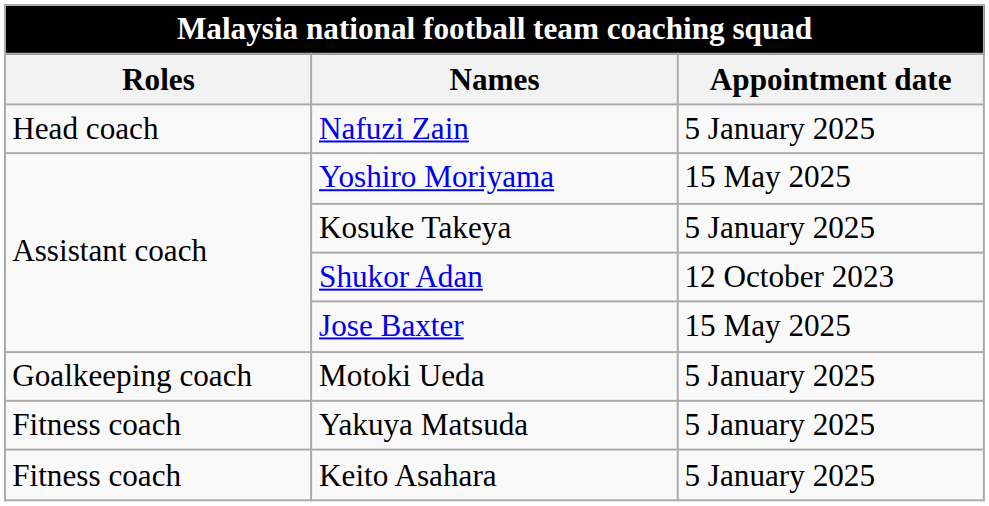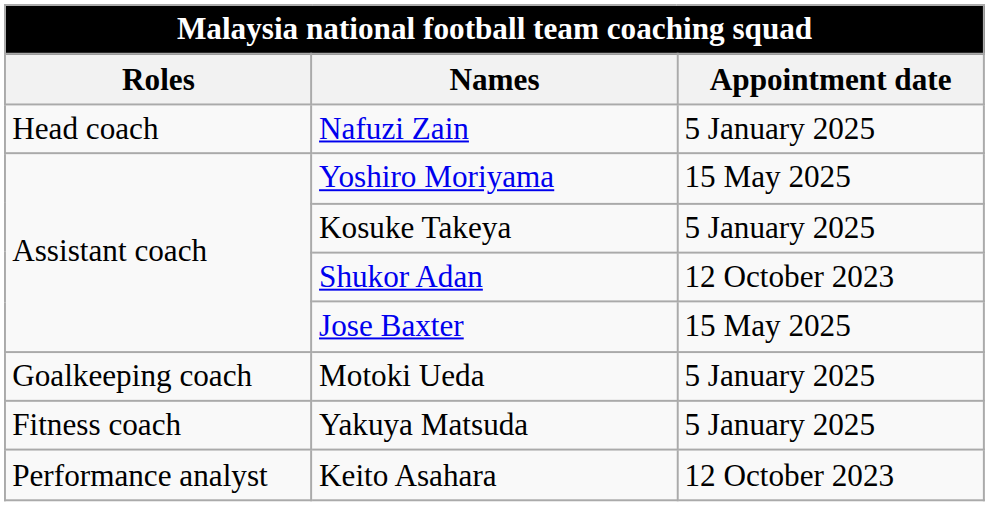 <table class="wikitable" style="text-align: left;">
 <tr>
 <th colspan=5 style="background: #000000; color: #FFFFFF;">Malaysia national football team coaching squad</th>
 </tr>
 <tr>
 <th width=150px>Roles</th>
 <th width=180px>Names</th>
 <th width=150px>Appointment date</th>
 </tr>
 <tr>
 <td>Head coach</td>
 <td> <a href='#'>Nafuzi Zain</a></td>
 <td>5 January 2025</td>
 </tr>
 <tr>
 <td rowspan="4">Assistant coach</td>
 <td> <a href='#'>Yoshiro Moriyama</a></td>
 <td>15 May 2025</td>
 </tr>
 <tr>
 <td> Kosuke Takeya</td>
 <td>5 January 2025</td>
 </tr>
 <tr>
 <td> <a href='#'>Shukor Adan</a></td>
 <td>12 October 2023</td>
 </tr>
 <tr>
 <td> <a href='#'>Jose Baxter</a></td>
 <td>15 May 2025</td>
 </tr>
 <tr>
 <td>Goalkeeping coach</td>
 <td> Motoki Ueda</td>
 <td>5 January 2025</td>
 </tr>
 <tr>
 <td>Fitness coach</td>
 <td> Yakuya Matsuda</td>
 <td>5 January 2025</td>
 </tr>
 <tr>
-<td>Fitness coach</td>
+<td>Performance analyst</td>
 <td> Keito Asahara</td>
-<td>5 January 2025</td>
+<td>12 October 2023</td>
 </tr>
 </table>
